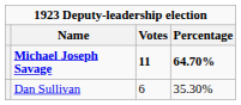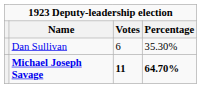 <table class="wikitable">
 <tr>
 <td colspan=4 style="text-align:center;"><strong>1923 Deputy-leadership election</strong></td>
 </tr>
 <tr>
 <th></th>
 <th>Name</th>
 <th>Votes</th>
 <th>Percentage</th>
 </tr>
 <tr>
 <th style="background-color: "></th>
+<td><a href='#'>Dan Sullivan</a></td>
+<td>6</td>
+<td>35.30%</td>
+</tr>
+<tr>
+<th style="background-color: "></th>
 <td width="150"><strong><a href='#'>Michael Joseph Savage</a></strong></td>
 <td><strong>11</strong></td>
 <td><strong>64.70%</strong></td>
 </tr>
-<tr>
-<th style="background-color: "></th>
-<td><a href='#'>Dan Sullivan</a></td>
-<td>6</td>
-<td>35.30%</td>
-</tr>
 </table>
